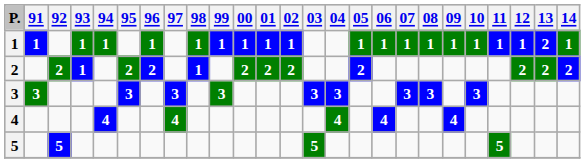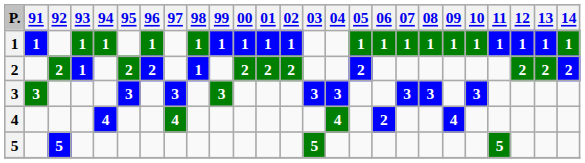 <table class="wikitable" style="text-align: center; font-size:60%">
 <tr>
 <th style="background:#c0c0c0">P.</th>
 <th><strong><a href='#'>91</a></strong></th>
 <th><strong><a href='#'>92</a></strong></th>
 <th><strong><a href='#'>93</a></strong></th>
 <th><strong><a href='#'>94</a></strong></th>
 <th><strong><a href='#'>95</a></strong></th>
 <th><strong><a href='#'>96</a></strong></th>
 <th><strong><a href='#'>97</a></strong></th>
 <th><strong><a href='#'>98</a></strong></th>
 <th><strong><a href='#'>99</a></strong></th>
 <th><strong><a href='#'>00</a></strong></th>
 <th><strong><a href='#'>01</a></strong></th>
 <th><strong><a href='#'>02</a></strong></th>
 <th><strong><a href='#'>03</a></strong></th>
 <th><strong><a href='#'>04</a></strong></th>
 <th><strong><a href='#'>05</a></strong></th>
 <th><strong><a href='#'>06</a></strong></th>
 <th><strong><a href='#'>07</a></strong></th>
 <th><strong><a href='#'>08</a></strong></th>
 <th><strong><a href='#'>09</a></strong></th>
 <th><strong><a href='#'>10</a></strong></th>
 <th><strong><a href='#'>11</a></strong></th>
 <th><strong><a href='#'>12</a></strong></th>
 <th><strong><a href='#'>13</a></strong></th>
 <th><strong><a href='#'>14</a></strong></th>
 </tr>
 <tr>
 <th>1</th>
 <td style="background-color:blue;color:white;"><strong>1</strong></td>
 <td></td>
 <td style="background-color:green;color:white;"><strong>1</strong></td>
 <td style="background-color:green;color:white;"><strong>1</strong></td>
 <td></td>
 <td style="background-color:green;color:white;"><strong>1</strong></td>
 <td></td>
 <td style="background-color:green;color:white;"><strong>1</strong></td>
 <td style="background-color:blue;color:white;"><strong>1</strong></td>
 <td style="background-color:blue;color:white;"><strong>1</strong></td>
 <td style="background-color:blue;color:white;"><strong>1</strong></td>
 <td style="background-color:blue;color:white;"><strong>1</strong></td>
 <td></td>
 <td></td>
 <td style="background-color:green;color:white;"><strong>1</strong></td>
 <td style="background-color:green;color:white;"><strong>1</strong></td>
 <td style="background-color:green;color:white;"><strong>1</strong></td>
 <td style="background-color:green;color:white;"><strong>1</strong></td>
 <td style="background-color:green;color:white;"><strong>1</strong></td>
 <td style="background-color:green;color:white;"><strong>1</strong></td>
 <td style="background-color:blue;color:white;"><strong>1</strong></td>
 <td style="background-color:blue;color:white;"><strong>1</strong></td>
-<td style="background-color:blue;color:white;"><strong>2</strong></td>
+<td style="background-color:blue;color:white;"><strong>1</strong></td>
 <td style="background-color:green;color:white;"><strong>1</strong></td>
 </tr>
 <tr>
 <th>2</th>
 <td></td>
 <td style="background-color:green;color:white;"><strong>2</strong></td>
 <td style="background-color:blue;color:white;"><strong>1</strong></td>
 <td></td>
 <td style="background-color:green;color:white;"><strong>2</strong></td>
 <td style="background-color:blue;color:white;"><strong>2</strong></td>
 <td></td>
 <td style="background-color:blue;color:white;"><strong>1</strong></td>
 <td></td>
 <td style="background-color:green;color:white;"><strong>2</strong></td>
 <td style="background-color:green;color:white;"><strong>2</strong></td>
 <td style="background-color:green;color:white;"><strong>2</strong></td>
 <td></td>
 <td></td>
 <td style="background-color:blue;color:white;"><strong>2</strong></td>
 <td></td>
 <td></td>
 <td></td>
 <td></td>
 <td></td>
 <td></td>
 <td style="background-color:green;color:white;"><strong>2</strong></td>
 <td style="background-color:green;color:white;"><strong>2</strong></td>
 <td style="background-color:blue;color:white;"><strong>2</strong></td>
 </tr>
 <tr>
 <th>3</th>
 <td style="background-color:green;color:white;"><strong>3</strong></td>
 <td></td>
 <td></td>
 <td></td>
 <td style="background-color:blue;color:white;"><strong>3</strong></td>
 <td></td>
 <td style="background-color:blue;color:white;"><strong>3</strong></td>
 <td></td>
 <td style="background-color:green;color:white;"><strong>3</strong></td>
 <td></td>
 <td></td>
 <td></td>
 <td style="background-color:blue;color:white;"><strong>3</strong></td>
 <td style="background-color:blue;color:white;"><strong>3</strong></td>
 <td></td>
 <td></td>
 <td style="background-color:blue;color:white;"><strong>3</strong></td>
 <td style="background-color:blue;color:white;"><strong>3</strong></td>
 <td></td>
 <td style="background-color:blue;color:white;"><strong>3</strong></td>
 <td></td>
 <td></td>
 <td></td>
 <td></td>
 </tr>
 <tr>
 <th>4</th>
 <td></td>
 <td></td>
 <td></td>
 <td style="background-color:blue;color:white;"><strong>4</strong></td>
 <td></td>
 <td></td>
 <td style="background-color:green;color:white;"><strong>4</strong></td>
 <td></td>
 <td></td>
 <td></td>
 <td></td>
 <td></td>
 <td></td>
 <td style="background-color:green;color:white;"><strong>4</strong></td>
 <td></td>
-<td style="background-color:blue;color:white;"><strong>4</strong></td>
+<td style="background-color:blue;color:white;"><strong>2</strong></td>
 <td></td>
 <td></td>
 <td style="background-color:blue;color:white;"><strong>4</strong></td>
 <td></td>
 <td></td>
 <td></td>
 <td></td>
 <td></td>
 </tr>
 <tr>
 <th>5</th>
 <td></td>
 <td style="background-color:blue;color:white;"><strong>5</strong></td>
 <td></td>
 <td></td>
 <td></td>
 <td></td>
 <td></td>
 <td></td>
 <td></td>
 <td></td>
 <td></td>
 <td></td>
 <td style="background-color:green;color:white;"><strong>5</strong></td>
 <td></td>
 <td></td>
 <td></td>
 <td></td>
 <td></td>
 <td></td>
 <td></td>
 <td style="background-color:green;color:white;"><strong>5</strong></td>
 <td></td>
 <td></td>
 <td></td>
 </tr>
 <tr>
 </tr>
 </table>
